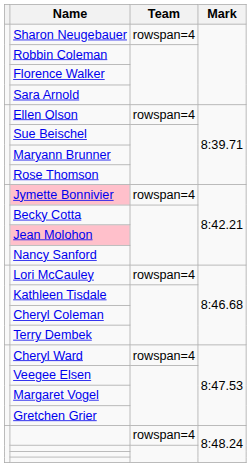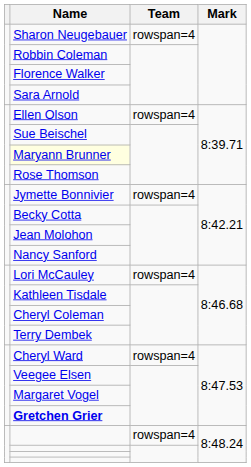 <table class=wikitable>
 <tr>
 <th></th>
 <th>Name</th>
 <th>Team</th>
 <th>Mark</th>
 </tr>
 <tr>
 <td rowspan=4></td>
 <td><a href='#'>Sharon Neugebauer</a></td>
 <td>rowspan=4 </td>
 <td rowspan=4></td>
 </tr>
 <tr>
 <td><a href='#'>Robbin Coleman</a></td>
 </tr>
 <tr>
 <td><a href='#'>Florence Walker</a></td>
 </tr>
 <tr>
 <td><a href='#'>Sara Arnold</a></td>
 </tr>
 <tr>
 <td rowspan=4></td>
 <td><a href='#'>Ellen Olson</a></td>
 <td>rowspan=4 </td>
 <td rowspan=4>8:39.71</td>
 </tr>
 <tr>
 <td><a href='#'>Sue Beischel</a></td>
 </tr>
 <tr>
-<td><a href='#'>Maryann Brunner</a></td>
+<td style="background: lightyellow;"><a href='#'>Maryann Brunner</a></td>
 </tr>
 <tr>
 <td><a href='#'>Rose Thomson</a></td>
 </tr>
 <tr>
 <td rowspan=4></td>
-<td style="background: pink;"><a href='#'>Jymette Bonnivier</a></td>
+<td><a href='#'>Jymette Bonnivier</a></td>
 <td>rowspan=4 </td>
 <td rowspan=4>8:42.21</td>
 </tr>
 <tr>
 <td><a href='#'>Becky Cotta</a></td>
 </tr>
 <tr>
-<td style="background: pink;"><a href='#'>Jean Molohon</a></td>
+<td><a href='#'>Jean Molohon</a></td>
 </tr>
 <tr>
 <td><a href='#'>Nancy Sanford</a></td>
 </tr>
 <tr>
 <td rowspan=4></td>
 <td><a href='#'>Lori McCauley</a></td>
 <td>rowspan=4 </td>
 <td rowspan=4>8:46.68</td>
 </tr>
 <tr>
 <td><a href='#'>Kathleen Tisdale</a></td>
 </tr>
 <tr>
 <td><a href='#'>Cheryl Coleman</a></td>
 </tr>
 <tr>
 <td><a href='#'>Terry Dembek</a></td>
 </tr>
 <tr>
 <td rowspan=4></td>
 <td><a href='#'>Cheryl Ward</a></td>
 <td>rowspan=4 </td>
 <td rowspan=4>8:47.53</td>
 </tr>
 <tr>
 <td><a href='#'>Veegee Elsen</a></td>
 </tr>
 <tr>
 <td><a href='#'>Margaret Vogel</a></td>
 </tr>
 <tr>
-<td><a href='#'>Gretchen Grier</a></td>
+<td><strong><a href='#'>Gretchen Grier</a></strong></td>
 </tr>
 <tr>
 <td rowspan=4></td>
 <td></td>
 <td>rowspan=4 </td>
 <td rowspan=4>8:48.24</td>
 </tr>
 <tr>
 <td></td>
 </tr>
 <tr>
 <td></td>
 </tr>
 <tr>
 <td></td>
 </tr>
 </table>
